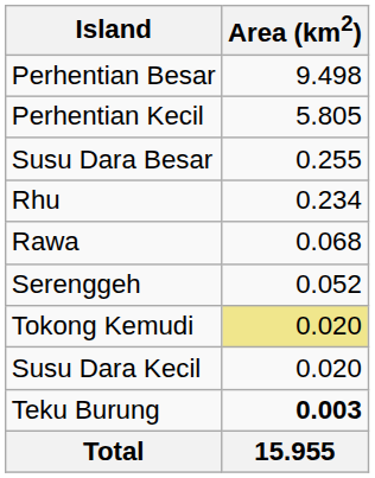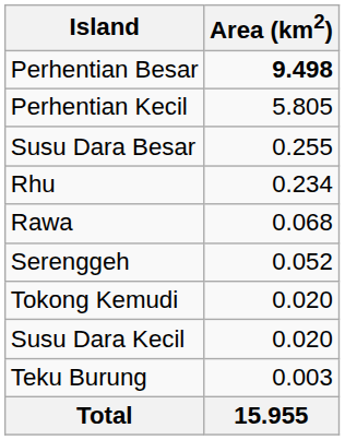 <table class="wikitable">
 <tr>
 <th>Island</th>
 <th>Area (km<sup>2</sup>)</th>
 </tr>
 <tr>
 <td>Perhentian Besar</td>
-<td align=right>9.498</td>
+<td align=right><strong>9.498</strong></td>
 </tr>
 <tr>
 <td>Perhentian Kecil</td>
 <td align=right>5.805</td>
 </tr>
 <tr>
 <td>Susu Dara Besar</td>
 <td align=right>0.255</td>
 </tr>
 <tr>
 <td>Rhu</td>
 <td align=right>0.234</td>
 </tr>
 <tr>
 <td>Rawa</td>
 <td align=right>0.068</td>
 </tr>
 <tr>
 <td>Serenggeh</td>
 <td align=right>0.052</td>
 </tr>
 <tr>
 <td>Tokong Kemudi</td>
-<td align=right style="background: khaki;">0.020</td>
+<td align=right>0.020</td>
 </tr>
 <tr>
 <td>Susu Dara Kecil</td>
 <td align=right>0.020</td>
 </tr>
 <tr>
 <td>Teku Burung</td>
-<td align=right><strong>0.003</strong></td>
+<td align=right>0.003</td>
 </tr>
 <tr>
 <th>Total</th>
 <th>15.955</th>
 </tr>
 </table>
